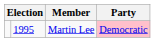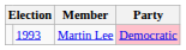 <table class="wikitable">
 <tr>
 <th colspan="2">Election</th>
 <th>Member</th>
 <th>Party</th>
 </tr>
 <tr>
 <td style="background-color: "></td>
-<td><a href='#'>1995</a></td>
+<td><a href='#'>1993</a></td>
 <td><a href='#'>Martin Lee</a></td>
 <td style="background: pink;"><a href='#'>Democratic</a></td>
 </tr>
 </table>
